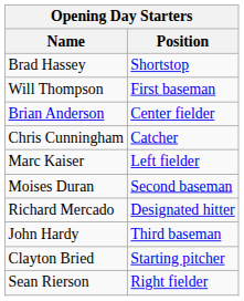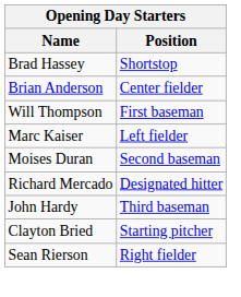 <table class="wikitable">
 <tr>
 <th colspan="2">Opening Day Starters</th>
 </tr>
 <tr>
 <th>Name</th>
 <th>Position</th>
 </tr>
 <tr>
 <td>Brad Hassey</td>
 <td><a href='#'>Shortstop</a></td>
 </tr>
 <tr>
-<td>Will Thompson</td>
-<td><a href='#'>First baseman</a></td>
-</tr>
-<tr>
 <td><a href='#'>Brian Anderson</a></td>
 <td><a href='#'>Center fielder</a></td>
 </tr>
 <tr>
-<td>Chris Cunningham</td>
-<td><a href='#'>Catcher</a></td>
+<td>Will Thompson</td>
+<td><a href='#'>First baseman</a></td>
 </tr>
 <tr>
 <td>Marc Kaiser</td>
 <td><a href='#'>Left fielder</a></td>
 </tr>
 <tr>
 <td>Moises Duran</td>
 <td><a href='#'>Second baseman</a></td>
 </tr>
 <tr>
 <td>Richard Mercado</td>
 <td><a href='#'>Designated hitter</a></td>
 </tr>
 <tr>
 <td>John Hardy</td>
 <td><a href='#'>Third baseman</a></td>
 </tr>
 <tr>
 <td>Clayton Bried</td>
 <td><a href='#'>Starting pitcher</a></td>
 </tr>
 <tr>
 <td>Sean Rierson</td>
 <td><a href='#'>Right fielder</a></td>
 </tr>
 </table>
